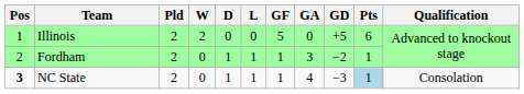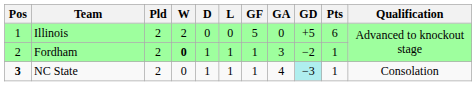 <table class="wikitable" style="text-align:center; margin: 1em auto">
 <tr>
 <th style=width:2em>Pos</th>
 <th style=width:13em>Team</th>
 <th style=width:2em>Pld</th>
 <th style=width:2em>W</th>
 <th style=width:2em>D</th>
 <th style=width:2em>L</th>
 <th style=width:2em>GF</th>
 <th style=width:2em>GA</th>
 <th style=width:2em>GD</th>
 <th style=width:2em>Pts</th>
 <th style=width:13em>Qualification</th>
 </tr>
 <tr bgcolor="#9eff9e">
 <td>1</td>
 <td style="text-align:left">Illinois</td>
 <td>2</td>
 <td>2</td>
 <td>0</td>
 <td>0</td>
 <td>5</td>
 <td>0</td>
 <td>+5</td>
 <td>6</td>
 <td rowspan="2">Advanced to knockout stage</td>
 </tr>
 <tr bgcolor="#9eff9e">
 <td>2</td>
 <td style="text-align:left">Fordham</td>
 <td>2</td>
-<td>0</td>
+<td><strong>0</strong></td>
 <td>1</td>
 <td>1</td>
 <td>1</td>
 <td>3</td>
 <td>−2</td>
 <td>1</td>
 </tr>
 <tr>
 <td><strong>3</strong></td>
 <td style="text-align:left">NC State</td>
 <td>2</td>
 <td>0</td>
 <td>1</td>
 <td>1</td>
 <td>1</td>
 <td>4</td>
-<td>−3</td>
-<td style="background: lightblue;">1</td>
+<td style="background: paleturquoise;">−3</td>
+<td>1</td>
 <td>Consolation</td>
 </tr>
 </table>
